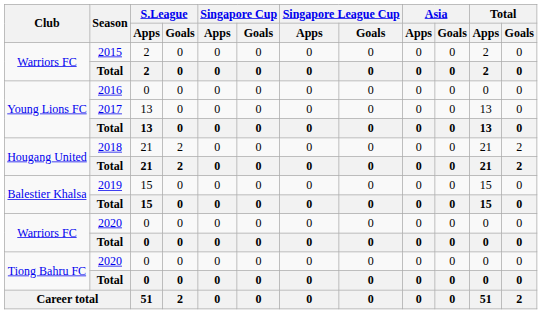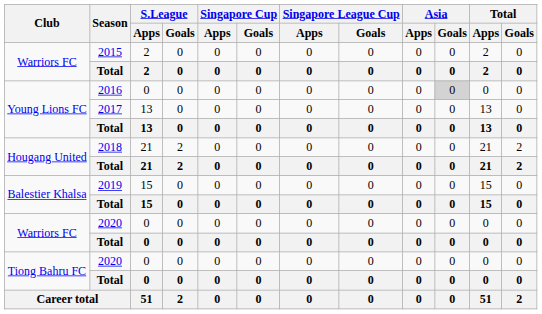 <table style="text-align:center" class="wikitable">
 <tr>
 <th rowspan="2">Club</th>
 <th rowspan="2">Season</th>
 <th colspan="2"><a href='#'>S.League</a></th>
 <th colspan="2"><a href='#'>Singapore Cup</a></th>
 <th colspan="2"><a href='#'>Singapore League Cup</a></th>
 <th colspan="2"><a href='#'>Asia</a></th>
 <th colspan="2">Total</th>
 </tr>
 <tr>
 <th>Apps</th>
 <th>Goals</th>
 <th>Apps</th>
 <th>Goals</th>
 <th>Apps</th>
 <th>Goals</th>
 <th>Apps</th>
 <th>Goals</th>
 <th>Apps</th>
 <th>Goals</th>
 </tr>
 <tr>
 <td rowspan="2"><a href='#'>Warriors FC</a></td>
 <td><a href='#'>2015</a></td>
 <td>2</td>
 <td>0</td>
 <td>0</td>
 <td>0</td>
 <td>0</td>
 <td>0</td>
 <td>0</td>
 <td>0</td>
 <td>2</td>
 <td>0</td>
 </tr>
 <tr>
 <th>Total</th>
 <th>2</th>
 <th>0</th>
 <th>0</th>
 <th>0</th>
 <th>0</th>
 <th>0</th>
 <th>0</th>
 <th>0</th>
 <th>2</th>
 <th>0</th>
 </tr>
 <tr>
 <td rowspan="3"><a href='#'>Young Lions FC</a></td>
 <td><a href='#'>2016</a></td>
 <td>0</td>
 <td>0</td>
 <td>0</td>
 <td>0</td>
 <td>0</td>
 <td>0</td>
 <td>0</td>
-<td>0</td>
+<td style="background: lightgrey;">0</td>
 <td>0</td>
 <td>0</td>
 </tr>
 <tr>
 <td><a href='#'>2017</a></td>
 <td>13</td>
 <td>0</td>
 <td>0</td>
 <td>0</td>
 <td>0</td>
 <td>0</td>
 <td>0</td>
 <td>0</td>
 <td>13</td>
 <td>0</td>
 </tr>
 <tr>
 <th>Total</th>
 <th>13</th>
 <th>0</th>
 <th>0</th>
 <th>0</th>
 <th>0</th>
 <th>0</th>
 <th>0</th>
 <th>0</th>
 <th>13</th>
 <th>0</th>
 </tr>
 <tr>
 <td rowspan="2"><a href='#'>Hougang United</a></td>
 <td><a href='#'>2018</a></td>
 <td>21</td>
 <td>2</td>
 <td>0</td>
 <td>0</td>
 <td>0</td>
 <td>0</td>
 <td>0</td>
 <td>0</td>
 <td>21</td>
 <td>2</td>
 </tr>
 <tr>
 <th>Total</th>
 <th>21</th>
 <th>2</th>
 <th>0</th>
 <th>0</th>
 <th>0</th>
 <th>0</th>
 <th>0</th>
 <th>0</th>
 <th>21</th>
 <th>2</th>
 </tr>
 <tr>
 <td rowspan="2"><a href='#'>Balestier Khalsa</a></td>
 <td><a href='#'>2019</a></td>
 <td>15</td>
 <td>0</td>
 <td>0</td>
 <td>0</td>
 <td>0</td>
 <td>0</td>
 <td>0</td>
 <td>0</td>
 <td>15</td>
 <td>0</td>
 </tr>
 <tr>
 <th>Total</th>
 <th>15</th>
 <th>0</th>
 <th>0</th>
 <th>0</th>
 <th>0</th>
 <th>0</th>
 <th>0</th>
 <th>0</th>
 <th>15</th>
 <th>0</th>
 </tr>
 <tr>
 <td rowspan="2"><a href='#'>Warriors FC</a></td>
 <td><a href='#'>2020</a></td>
 <td>0</td>
 <td>0</td>
 <td>0</td>
 <td>0</td>
 <td>0</td>
 <td>0</td>
 <td>0</td>
 <td>0</td>
 <td>0</td>
 <td>0</td>
 </tr>
 <tr>
 <th>Total</th>
 <th>0</th>
 <th>0</th>
 <th>0</th>
 <th>0</th>
 <th>0</th>
 <th>0</th>
 <th>0</th>
 <th>0</th>
 <th>0</th>
 <th>0</th>
 </tr>
 <tr>
 <td rowspan="2"><a href='#'>Tiong Bahru FC</a></td>
 <td><a href='#'>2020</a></td>
 <td>0</td>
 <td>0</td>
 <td>0</td>
 <td>0</td>
 <td>0</td>
 <td>0</td>
 <td>0</td>
 <td>0</td>
 <td>0</td>
 <td>0</td>
 </tr>
 <tr>
 <th>Total</th>
 <th>0</th>
 <th>0</th>
 <th>0</th>
 <th>0</th>
 <th>0</th>
 <th>0</th>
 <th>0</th>
 <th>0</th>
 <th>0</th>
 <th>0</th>
 </tr>
 <tr>
 <th colspan=2>Career total</th>
 <th>51</th>
 <th>2</th>
 <th>0</th>
 <th>0</th>
 <th>0</th>
 <th>0</th>
 <th>0</th>
 <th>0</th>
 <th>51</th>
 <th>2</th>
 </tr>
 </table>
